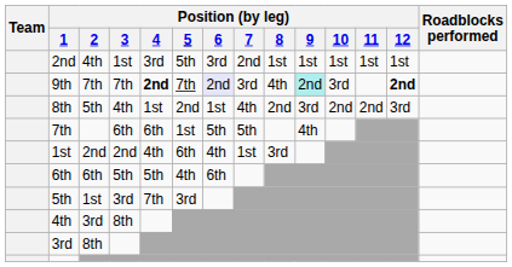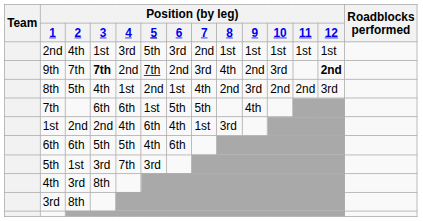 <table class=wikitable style="white-space:nowrap; font-size:95%;">
 <tr>
 <th rowspan="2">Team</th>
 <th colspan="12">Position (by leg)</th>
 <th rowspan="2">Roadblocks<br>performed</th>
 </tr>
 <tr>
 <th><a href='#'>1</a></th>
 <th><a href='#'>2</a></th>
 <th><a href='#'>3</a></th>
 <th><a href='#'>4</a></th>
 <th><u><a href='#'>5</a></u></th>
 <th><a href='#'>6</a></th>
 <th><a href='#'>7</a></th>
 <th><a href='#'>8</a></th>
 <th><a href='#'>9</a></th>
 <th><a href='#'>10</a></th>
 <th><a href='#'>11</a></th>
 <th><a href='#'>12</a></th>
 </tr>
 <tr>
 <th></th>
 <td>2nd</td>
 <td>4th</td>
 <td>1st</td>
 <td>3rd</td>
 <td>5th</td>
 <td>3rd</td>
 <td>2nd</td>
 <td>1st</td>
 <td>1st</td>
 <td>1st</td>
 <td>1st</td>
 <td>1st</td>
 <td></td>
 </tr>
 <tr>
 <th></th>
 <td>9th</td>
 <td>7th</td>
-<td>7th</td>
-<td><strong>2nd</strong></td>
+<td><strong>7th</strong></td>
+<td>2nd</td>
 <td><u>7th</u></td>
-<td style="background: lavender;">2nd</td>
+<td>2nd</td>
 <td>3rd</td>
 <td>4th</td>
-<td style="background: paleturquoise;">2nd</td>
+<td>2nd</td>
 <td>3rd</td>
 <td></td>
 <td><strong>2nd</strong></td>
 <td></td>
 </tr>
 <tr>
 <th></th>
 <td>8th</td>
 <td>5th</td>
 <td>4th</td>
 <td>1st</td>
 <td>2nd</td>
 <td>1st</td>
 <td>4th</td>
 <td>2nd</td>
 <td>3rd</td>
 <td>2nd</td>
 <td>2nd</td>
 <td>3rd</td>
 <td></td>
 </tr>
 <tr>
 <th></th>
 <td>7th</td>
 <td></td>
 <td>6th</td>
 <td>6th</td>
 <td>1st</td>
 <td>5th</td>
 <td>5th</td>
 <td></td>
 <td>4th</td>
 <td></td>
 <td style="background:darkgrey;" colspan=2></td>
 <td></td>
 </tr>
 <tr>
 <th></th>
 <td>1st</td>
 <td>2nd</td>
 <td>2nd</td>
 <td>4th</td>
 <td>6th</td>
 <td>4th</td>
 <td>1st</td>
 <td>3rd</td>
 <td></td>
 <td style="background:darkgrey;" colspan=3></td>
 <td></td>
 </tr>
 <tr>
 <th></th>
 <td>6th</td>
 <td>6th</td>
 <td>5th</td>
 <td>5th</td>
 <td>4th</td>
 <td>6th</td>
 <td></td>
 <td style="background:darkgrey;" colspan=5></td>
 <td></td>
 </tr>
 <tr>
 <th></th>
 <td>5th</td>
 <td>1st</td>
 <td>3rd</td>
 <td>7th</td>
 <td>3rd</td>
 <td></td>
 <td style="background:darkgrey;" colspan=6></td>
 <td></td>
 </tr>
 <tr>
 <th></th>
 <td>4th</td>
 <td>3rd</td>
 <td>8th</td>
 <td></td>
 <td style="background:darkgrey;" colspan=8></td>
 <td></td>
 </tr>
 <tr>
 <th></th>
 <td>3rd</td>
 <td>8th</td>
 <td></td>
 <td style="background:darkgrey;" colspan=9></td>
 <td></td>
 </tr>
 <tr>
 <th></th>
 <td></td>
 <td style="background:darkgrey;" colspan=11></td>
 <td></td>
 </tr>
 </table>
